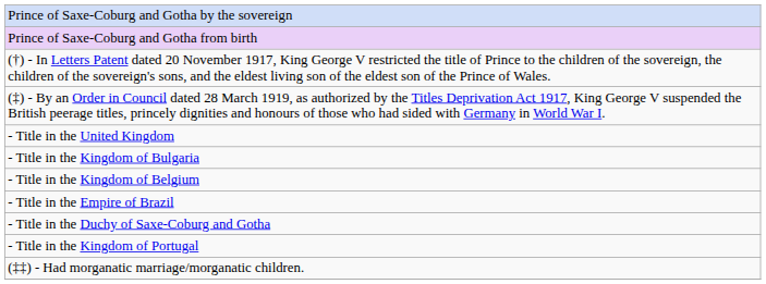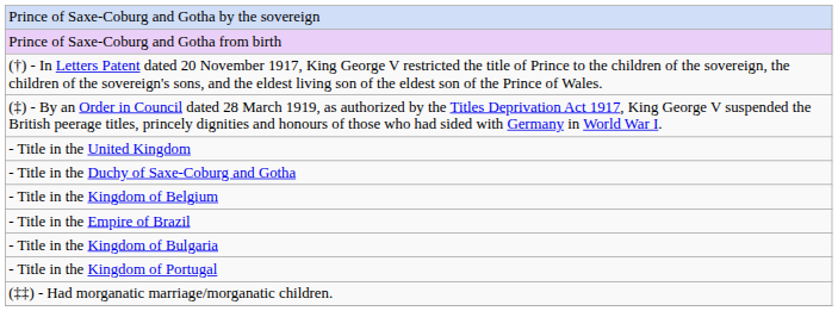 <table class="wikitable">
 <tr>
 <td style="background:#d0def8">Prince of Saxe-Coburg and Gotha by the sovereign</td>
 </tr>
 <tr>
 <td style="background:#ead0f8">Prince of Saxe-Coburg and Gotha from birth</td>
 </tr>
 <tr>
 <td><span>(†)</span> - In <a href='#'>Letters Patent</a> dated 20 November 1917, King George V restricted the title of Prince to the children of the sovereign, the children of the sovereign's sons, and the eldest living son of the eldest son of the Prince of Wales.</td>
 </tr>
 <tr>
 <td><span>(‡)</span> - By an <a href='#'>Order in Council</a> dated 28 March 1919, as authorized by the <a href='#'>Titles Deprivation Act 1917</a>, King George V suspended the British peerage titles, princely dignities and honours of those who had sided with <a href='#'>Germany</a> in <a href='#'>World War I</a>.</td>
 </tr>
 <tr>
 <td> - Title in the <a href='#'>United Kingdom</a></td>
 </tr>
 <tr>
-<td> - Title in the <a href='#'>Kingdom of Bulgaria</a></td>
+<td> - Title in the <a href='#'>Duchy of Saxe-Coburg and Gotha</a></td>
 </tr>
 <tr>
 <td> - Title in the <a href='#'>Kingdom of Belgium</a></td>
 </tr>
 <tr>
 <td> - Title in the <a href='#'>Empire of Brazil</a></td>
 </tr>
 <tr>
-<td> - Title in the <a href='#'>Duchy of Saxe-Coburg and Gotha</a></td>
+<td> - Title in the <a href='#'>Kingdom of Bulgaria</a></td>
 </tr>
 <tr>
 <td> - Title in the <a href='#'>Kingdom of Portugal</a></td>
 </tr>
 <tr>
 <td><span>(‡‡)</span> - Had morganatic marriage/morganatic children.</td>
 </tr>
 <tr>
 </tr>
 </table>
